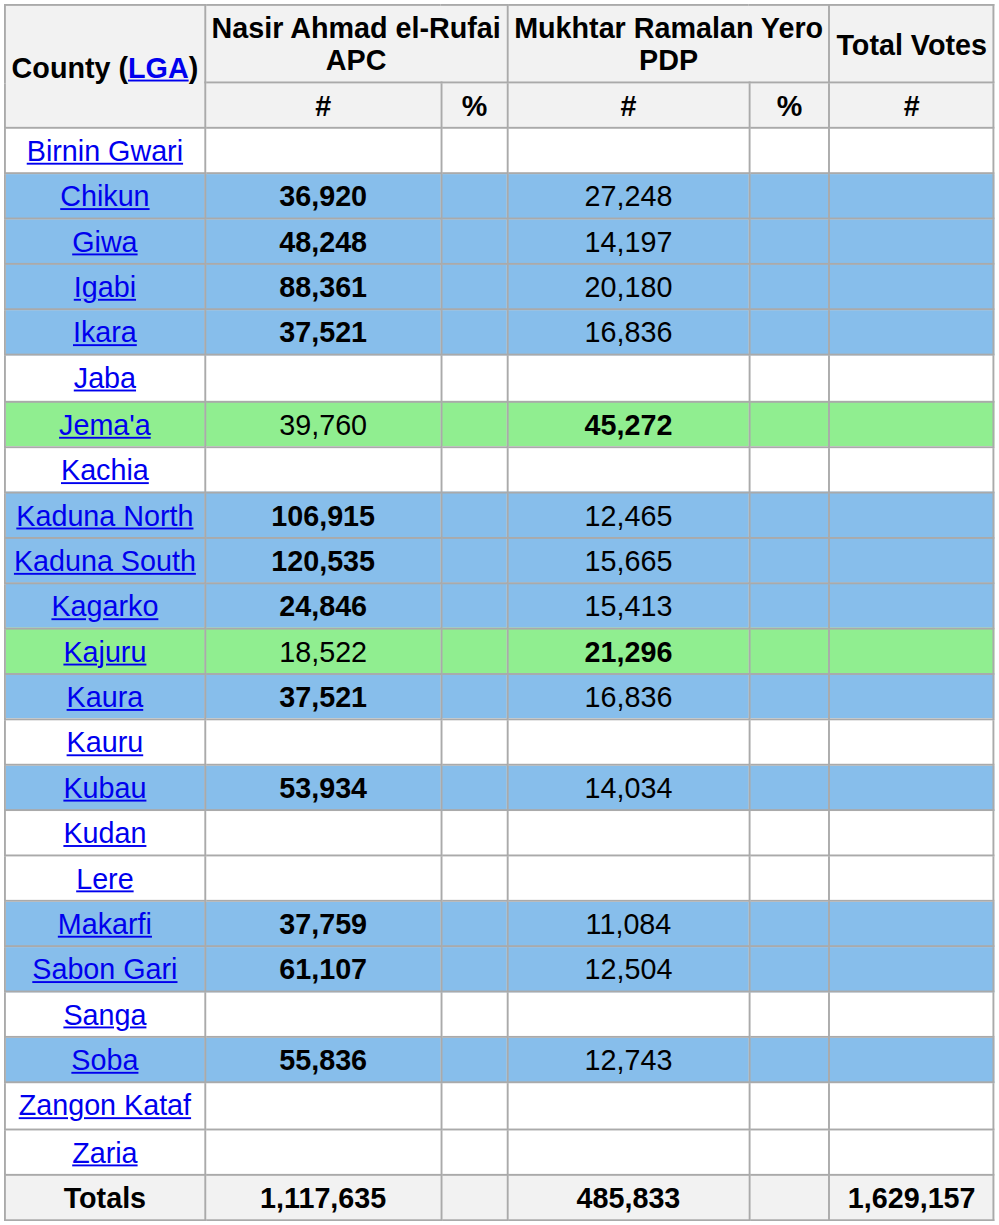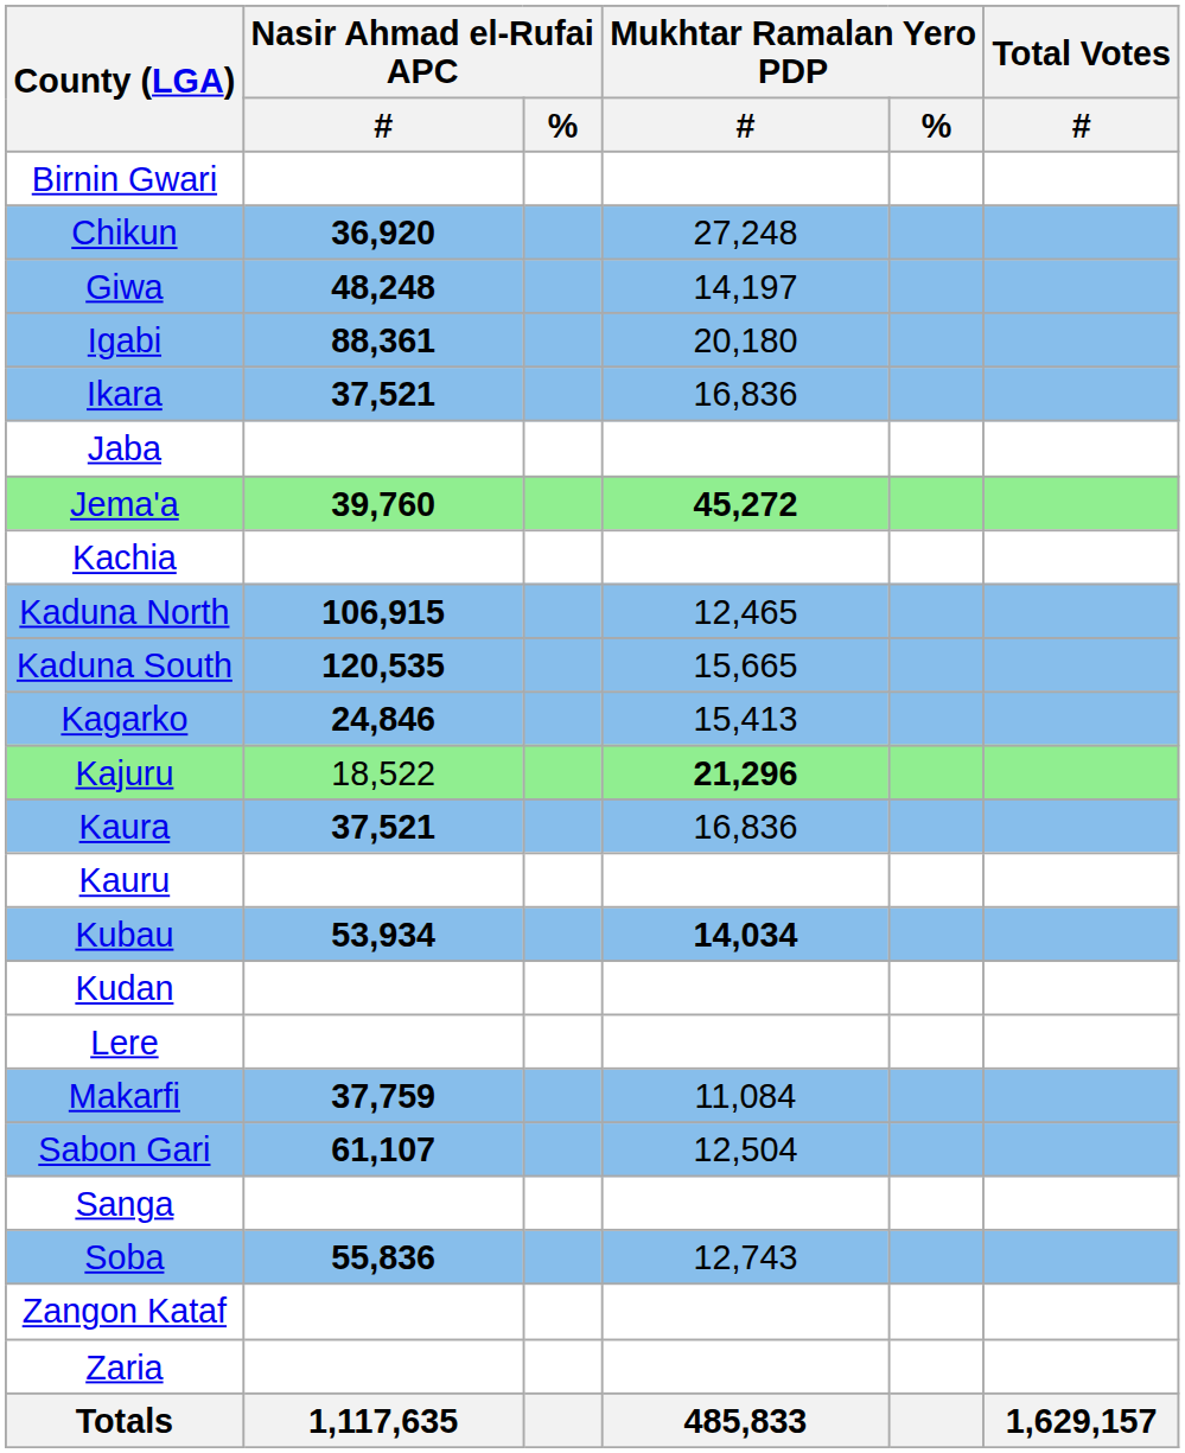 <table class="wikitable sortable" style=" font-size: 95%">
 <tr>
 <th rowspan="2">County (<a href='#'>LGA</a>)</th>
 <th colspan="2">Nasir Ahmad el-Rufai<br>APC</th>
 <th colspan="2">Mukhtar Ramalan Yero<br>PDP</th>
 <th>Total Votes</th>
 </tr>
 <tr>
 <th>#</th>
 <th>%</th>
 <th>#</th>
 <th>%</th>
 <th>#</th>
 </tr>
 <tr>
 <td bgcolor=#FFFFFF align="center"><a href='#'>Birnin Gwari</a></td>
 <td bgcolor=#FFFFFF align="center"></td>
 <td bgcolor=#FFFFFF align="center"></td>
 <td bgcolor=#FFFFFF align="center"></td>
 <td bgcolor=#FFFFFF align="center"></td>
 <td bgcolor=#FFFFFF align="center"></td>
 </tr>
 <tr>
 <td bgcolor=#87BEEB align="center"><a href='#'>Chikun</a></td>
 <td bgcolor=#87BEEB align="center"><strong>36,920</strong></td>
 <td bgcolor=#87BEEB align="center"></td>
 <td bgcolor=#87BEEB align="center">27,248</td>
 <td bgcolor=#87BEEB align="center"></td>
 <td bgcolor=#87BEEB align="center"></td>
 </tr>
 <tr>
 <td bgcolor=#87BEEB align="center"><a href='#'>Giwa</a></td>
 <td bgcolor=#87BEEB align="center"><strong>48,248</strong></td>
 <td bgcolor=#87BEEB align="center"></td>
 <td bgcolor=#87BEEB align="center">14,197</td>
 <td bgcolor=#87BEEB align="center"></td>
 <td bgcolor=#87BEEB align="center"></td>
 </tr>
 <tr>
 <td bgcolor=#87BEEB align="center"><a href='#'>Igabi</a></td>
 <td bgcolor=#87BEEB align="center"><strong>88,361</strong></td>
 <td bgcolor=#87BEEB align="center"></td>
 <td bgcolor=#87BEEB align="center">20,180</td>
 <td bgcolor=#87BEEB align="center"></td>
 <td bgcolor=#87BEEB align="center"></td>
 </tr>
 <tr>
 <td bgcolor=#87BEEB align="center"><a href='#'>Ikara</a></td>
 <td bgcolor=#87BEEB align="center"><strong>37,521</strong></td>
 <td bgcolor=#87BEEB align="center"></td>
 <td bgcolor=#87BEEB align="center">16,836</td>
 <td bgcolor=#87BEEB align="center"></td>
 <td bgcolor=#87BEEB align="center"></td>
 </tr>
 <tr>
 <td bgcolor=#FFFFFF align="center"><a href='#'>Jaba</a></td>
 <td bgcolor=#FFFFFF align="center"></td>
 <td bgcolor=#FFFFFF align="center"></td>
 <td bgcolor=#FFFFFF align="center"></td>
 <td bgcolor=#FFFFFF align="center"></td>
 <td bgcolor=#FFFFFF align="center"></td>
 </tr>
 <tr>
 <td bgcolor=#90EE90 align="center"><a href='#'>Jema'a</a></td>
-<td bgcolor=#90EE90 align="center">39,760</td>
+<td bgcolor=#90EE90 align="center"><strong>39,760</strong></td>
 <td bgcolor=#90EE90 align="center"></td>
 <td bgcolor=#90EE90 align="center"><strong>45,272</strong></td>
 <td bgcolor=#90EE90 align="center"></td>
 <td bgcolor=#90EE90 align="center"></td>
 </tr>
 <tr>
 <td bgcolor=#FFFFFF align="center"><a href='#'>Kachia</a></td>
 <td bgcolor=#FFFFFF align="center"></td>
 <td bgcolor=#FFFFFF align="center"></td>
 <td bgcolor=#FFFFFF align="center"></td>
 <td bgcolor=#FFFFFF align="center"></td>
 <td bgcolor=#FFFFFF align="center"></td>
 </tr>
 <tr>
 <td bgcolor=#87BEEB align="center"><a href='#'>Kaduna North</a></td>
 <td bgcolor=#87BEEB align="center"><strong>106,915</strong></td>
 <td bgcolor=#87BEEB align="center"></td>
 <td bgcolor=#87BEEB align="center">12,465</td>
 <td bgcolor=#87BEEB align="center"></td>
 <td bgcolor=#87BEEB align="center"></td>
 </tr>
 <tr>
 <td bgcolor=#87BEEB align="center"><a href='#'>Kaduna South</a></td>
 <td bgcolor=#87BEEB align="center"><strong>120,535</strong></td>
 <td bgcolor=#87BEEB align="center"></td>
 <td bgcolor=#87BEEB align="center">15,665</td>
 <td bgcolor=#87BEEB align="center"></td>
 <td bgcolor=#87BEEB align="center"></td>
 </tr>
 <tr>
 <td bgcolor=#87BEEB align="center"><a href='#'>Kagarko</a></td>
 <td bgcolor=#87BEEB align="center"><strong>24,846</strong></td>
 <td bgcolor=#87BEEB align="center"></td>
 <td bgcolor=#87BEEB align="center">15,413</td>
 <td bgcolor=#87BEEB align="center"></td>
 <td bgcolor=#87BEEB align="center"></td>
 </tr>
 <tr>
 <td bgcolor=#90EE90 align="center"><a href='#'>Kajuru</a></td>
 <td bgcolor=#90EE90 align="center">18,522</td>
 <td bgcolor=#90EE90 align="center"></td>
 <td bgcolor=#90EE90 align="center"><strong>21,296</strong></td>
 <td bgcolor=#90EE90 align="center"></td>
 <td bgcolor=#90EE90 align="center"></td>
 </tr>
 <tr>
 <td bgcolor=#87BEEB align="center"><a href='#'>Kaura</a></td>
 <td bgcolor=#87BEEB align="center"><strong>37,521</strong></td>
 <td bgcolor=#87BEEB align="center"></td>
 <td bgcolor=#87BEEB align="center">16,836</td>
 <td bgcolor=#87BEEB align="center"></td>
 <td bgcolor=#87BEEB align="center"></td>
 </tr>
 <tr>
 <td bgcolor=#FFFFFF align="center"><a href='#'>Kauru</a></td>
 <td bgcolor=#FFFFFF align="center"></td>
 <td bgcolor=#FFFFFF align="center"></td>
 <td bgcolor=#FFFFFF align="center"></td>
 <td bgcolor=#FFFFFF align="center"></td>
 <td bgcolor=#FFFFFF align="center"></td>
 </tr>
 <tr>
 <td bgcolor=#87BEEB align="center"><a href='#'>Kubau</a></td>
 <td bgcolor=#87BEEB align="center"><strong>53,934</strong></td>
 <td bgcolor=#87BEEB align="center"></td>
-<td bgcolor=#87BEEB align="center">14,034</td>
+<td bgcolor=#87BEEB align="center"><strong>14,034</strong></td>
 <td bgcolor=#87BEEB align="center"></td>
 <td bgcolor=#87BEEB align="center"></td>
 </tr>
 <tr>
 <td bgcolor=#FFFFFF align="center"><a href='#'>Kudan</a></td>
 <td bgcolor=#FFFFFF align="center"></td>
 <td bgcolor=#FFFFFF align="center"></td>
 <td bgcolor=#FFFFFF align="center"></td>
 <td bgcolor=#FFFFFF align="center"></td>
 <td bgcolor=#FFFFFF align="center"></td>
 </tr>
 <tr>
 <td bgcolor=#FFFFFF align="center"><a href='#'>Lere</a></td>
 <td bgcolor=#FFFFFF align="center"></td>
 <td bgcolor=#FFFFFF align="center"></td>
 <td bgcolor=#FFFFFF align="center"></td>
 <td bgcolor=#FFFFFF align="center"></td>
 <td bgcolor=#FFFFFF align="center"></td>
 </tr>
 <tr>
 <td bgcolor=#87BEEB align="center"><a href='#'>Makarfi</a></td>
 <td bgcolor=#87BEEB align="center"><strong>37,759</strong></td>
 <td bgcolor=#87BEEB align="center"></td>
 <td bgcolor=#87BEEB align="center">11,084</td>
 <td bgcolor=#87BEEB align="center"></td>
 <td bgcolor=#87BEEB align="center"></td>
 </tr>
 <tr>
 <td bgcolor=#87BEEB align="center"><a href='#'>Sabon Gari</a></td>
 <td bgcolor=#87BEEB align="center"><strong>61,107</strong></td>
 <td bgcolor=#87BEEB align="center"></td>
 <td bgcolor=#87BEEB align="center">12,504</td>
 <td bgcolor=#87BEEB align="center"></td>
 <td bgcolor=#87BEEB align="center"></td>
 </tr>
 <tr>
 <td bgcolor=#FFFFFF align="center"><a href='#'>Sanga</a></td>
 <td bgcolor=#FFFFFF align="center"></td>
 <td bgcolor=#FFFFFF align="center"></td>
 <td bgcolor=#FFFFFF align="center"></td>
 <td bgcolor=#FFFFFF align="center"></td>
 <td bgcolor=#FFFFFF align="center"></td>
 </tr>
 <tr>
 <td bgcolor=#87BEEB align="center"><a href='#'>Soba</a></td>
 <td bgcolor=#87BEEB align="center"><strong>55,836</strong></td>
 <td bgcolor=#87BEEB align="center"></td>
 <td bgcolor=#87BEEB align="center">12,743</td>
 <td bgcolor=#87BEEB align="center"></td>
 <td bgcolor=#87BEEB align="center"></td>
 </tr>
 <tr>
 <td bgcolor=#FFFFFF align="center"><a href='#'>Zangon Kataf</a></td>
 <td bgcolor=#FFFFFF align="center"></td>
 <td bgcolor=#FFFFFF align="center"></td>
 <td bgcolor=#FFFFFF align="center"></td>
 <td bgcolor=#FFFFFF align="center"></td>
 <td bgcolor=#FFFFFF align="center"></td>
 </tr>
 <tr>
 <td bgcolor=#FFFFFF align="center"><a href='#'>Zaria</a></td>
 <td bgcolor=#FFFFFF align="center"></td>
 <td bgcolor=#FFFFFF align="center"></td>
 <td bgcolor=#FFFFFF align="center"></td>
 <td bgcolor=#FFFFFF align="center"></td>
 <td bgcolor=#FFFFFF align="center"></td>
 </tr>
 <tr>
 <th>Totals</th>
 <th>1,117,635</th>
 <th></th>
 <th>485,833</th>
 <th></th>
 <th>1,629,157</th>
 </tr>
 </table>
